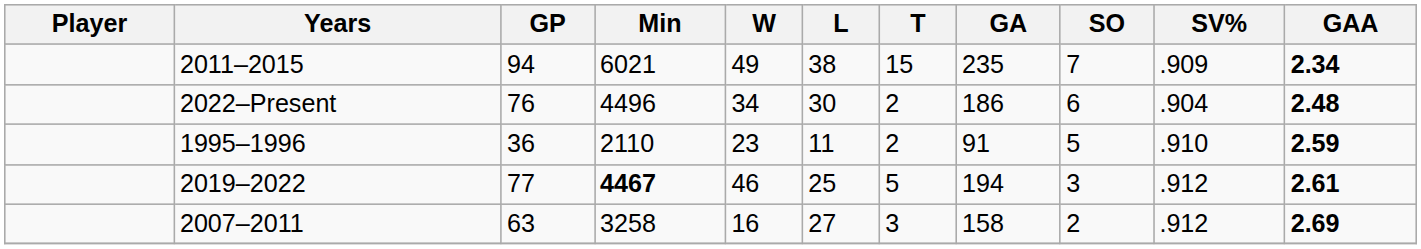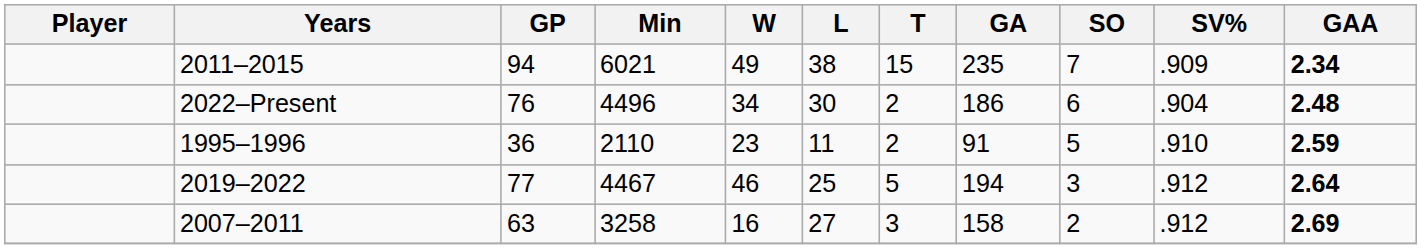 <table class="wikitable sortable" width = 900>
 <tr>
 <th>Player</th>
 <th>Years</th>
 <th>GP</th>
 <th>Min</th>
 <th>W</th>
 <th>L</th>
 <th>T</th>
 <th>GA</th>
 <th>SO</th>
 <th>SV%</th>
 <th>GAA</th>
 </tr>
 <tr>
 <td></td>
 <td>2011–2015</td>
 <td>94</td>
 <td>6021</td>
 <td>49</td>
 <td>38</td>
 <td>15</td>
 <td>235</td>
 <td>7</td>
 <td>.909</td>
 <td><strong>2.34</strong></td>
 </tr>
 <tr>
 <td></td>
 <td>2022–Present</td>
 <td>76</td>
 <td>4496</td>
 <td>34</td>
 <td>30</td>
 <td>2</td>
 <td>186</td>
 <td>6</td>
 <td>.904</td>
 <td><strong>2.48</strong></td>
 </tr>
 <tr>
 <td></td>
 <td>1995–1996</td>
 <td>36</td>
 <td>2110</td>
 <td>23</td>
 <td>11</td>
 <td>2</td>
 <td>91</td>
 <td>5</td>
 <td>.910</td>
 <td><strong>2.59</strong></td>
 </tr>
 <tr>
 <td></td>
 <td>2019–2022</td>
 <td>77</td>
-<td><strong>4467</strong></td>
+<td>4467</td>
 <td>46</td>
 <td>25</td>
 <td>5</td>
 <td>194</td>
 <td>3</td>
 <td>.912</td>
-<td><strong>2.61</strong></td>
+<td><strong>2.64</strong></td>
 </tr>
 <tr>
 <td></td>
 <td>2007–2011</td>
 <td>63</td>
 <td>3258</td>
 <td>16</td>
 <td>27</td>
 <td>3</td>
 <td>158</td>
 <td>2</td>
 <td>.912</td>
 <td><strong>2.69</strong></td>
 </tr>
 <tr>
 </tr>
 </table>
